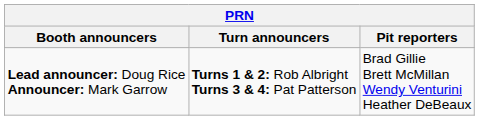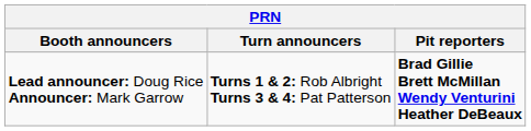 <table class="wikitable" style="font-size: 95%">
 <tr>
 <th colspan="3"><a href='#'>PRN</a></th>
 </tr>
 <tr>
 <th>Booth announcers</th>
 <th>Turn announcers</th>
 <th>Pit reporters</th>
 </tr>
 <tr>
 <td><strong>Lead announcer:</strong> Doug Rice<br><strong>Announcer:</strong> Mark Garrow</td>
 <td><strong>Turns 1 & 2:</strong> Rob Albright<br><strong>Turns 3 & 4:</strong> Pat Patterson</td>
-<td>Brad Gillie<br>Brett McMillan<br><a href='#'>Wendy Venturini</a><br>Heather DeBeaux</td>
+<td><strong>Brad Gillie<br>Brett McMillan<br><a href='#'>Wendy Venturini</a><br>Heather DeBeaux</strong></td>
 </tr>
 </table>
